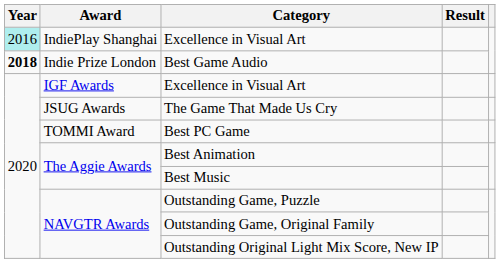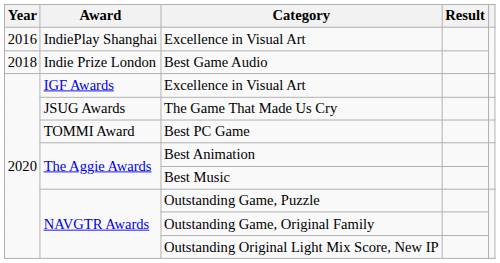 <table class="wikitable sortable">
 <tr>
 <th>Year</th>
 <th>Award</th>
 <th>Category</th>
 <th>Result</th>
 <th class="unsortable"></th>
 </tr>
 <tr>
-<td style="background: paleturquoise; text-align:center;">2016</td>
+<td style="text-align:center;">2016</td>
 <td>IndiePlay Shanghai</td>
 <td>Excellence in Visual Art</td>
 <td></td>
 <td rowspan="2" style="text-align:center;"></td>
 </tr>
 <tr>
-<td style="text-align:center;"><strong>2018</strong></td>
+<td style="text-align:center;">2018</td>
 <td>Indie Prize London</td>
 <td>Best Game Audio</td>
 <td></td>
 </tr>
 <tr>
 <td style="text-align:center;" rowspan="8">2020</td>
 <td><a href='#'>IGF Awards</a></td>
 <td>Excellence in Visual Art</td>
 <td></td>
 <td style="text-align:center;"></td>
 </tr>
 <tr>
 <td>JSUG Awards</td>
 <td>The Game That Made Us Cry</td>
 <td></td>
 <td style="text-align:center;"></td>
 </tr>
 <tr>
 <td>TOMMI Award</td>
 <td>Best PC Game</td>
 <td></td>
 <td style="text-align:center;"></td>
 </tr>
 <tr>
 <td rowspan="2"><a href='#'> The Aggie Awards</a></td>
 <td>Best Animation</td>
 <td></td>
 <td rowspan="2" style="text-align:center;"></td>
 </tr>
 <tr>
 <td>Best Music</td>
 <td></td>
 </tr>
 <tr>
 <td rowspan="3"><a href='#'>NAVGTR Awards</a></td>
 <td>Outstanding Game, Puzzle</td>
 <td></td>
 <td rowspan="3" style="text-align:center;"></td>
 </tr>
 <tr>
 <td>Outstanding Game, Original Family</td>
 <td></td>
 </tr>
 <tr>
 <td>Outstanding Original Light Mix Score, New IP</td>
 <td></td>
 </tr>
 </table>
